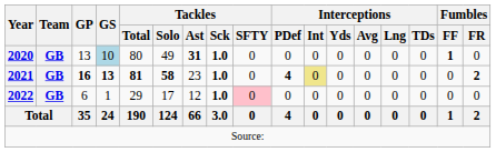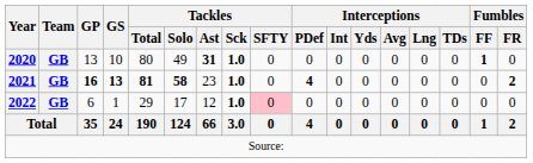 <table class="wikitable" style="text-align: center;">
 <tr>
 <th rowspan=2>Year</th>
 <th rowspan=2>Team</th>
 <th rowspan=2>GP</th>
 <th rowspan=2>GS</th>
 <th colspan=5>Tackles</th>
 <th colspan=6>Interceptions</th>
 <th colspan=2>Fumbles</th>
 </tr>
 <tr>
 <th>Total</th>
 <th>Solo</th>
 <th>Ast</th>
 <th>Sck</th>
 <th>SFTY</th>
 <th>PDef</th>
 <th>Int</th>
 <th>Yds</th>
 <th>Avg</th>
 <th>Lng</th>
 <th>TDs</th>
 <th>FF</th>
 <th>FR</th>
 </tr>
 <tr>
 <th><a href='#'>2020</a></th>
 <th><a href='#'>GB</a></th>
 <td>13</td>
-<td style="background: lightblue;">10</td>
+<td>10</td>
 <td>80</td>
 <td>49</td>
 <td><strong>31</strong></td>
 <td><strong>1.0</strong></td>
 <td>0</td>
 <td>0</td>
 <td>0</td>
 <td>0</td>
 <td>0</td>
 <td>0</td>
 <td>0</td>
 <td><strong>1</strong></td>
 <td>0</td>
 </tr>
 <tr>
 <th><a href='#'>2021</a></th>
 <th><a href='#'>GB</a></th>
 <td><strong>16</strong></td>
 <td><strong>13</strong></td>
 <td><strong>81</strong></td>
 <td><strong>58</strong></td>
 <td>23</td>
 <td><strong>1.0</strong></td>
 <td>0</td>
 <td><strong>4</strong></td>
-<td style="background: khaki;">0</td>
+<td>0</td>
 <td>0</td>
 <td>0</td>
 <td>0</td>
 <td>0</td>
 <td>0</td>
 <td><strong>2</strong></td>
 </tr>
 <tr>
 <th><a href='#'>2022</a></th>
 <th><a href='#'>GB</a></th>
 <td>6</td>
 <td>1</td>
 <td>29</td>
 <td>17</td>
 <td>12</td>
 <td><strong>1.0</strong></td>
 <td style="background: pink;">0</td>
 <td>0</td>
 <td>0</td>
 <td>0</td>
 <td>0</td>
 <td>0</td>
 <td>0</td>
 <td>0</td>
 <td>0</td>
 </tr>
 <tr>
 <th colspan="2">Total</th>
 <th>35</th>
 <th>24</th>
 <th>190</th>
 <th>124</th>
 <th>66</th>
 <th>3.0</th>
 <th>0</th>
 <th>4</th>
 <th>0</th>
 <th>0</th>
 <th>0</th>
 <th>0</th>
 <th>0</th>
 <th>1</th>
 <th>2</th>
 </tr>
 <tr>
 <td colspan="17"><small>Source: </small></td>
 </tr>
 </table>
